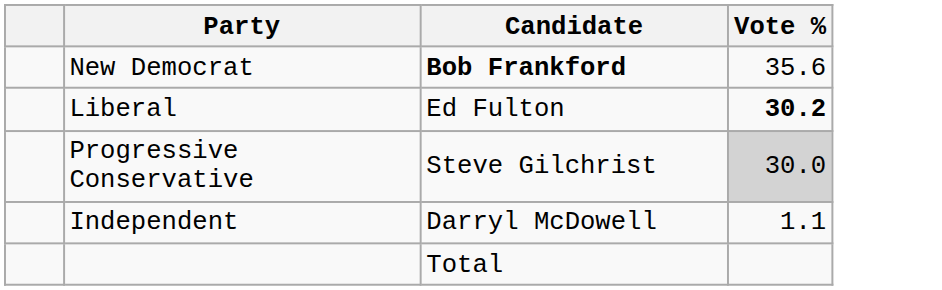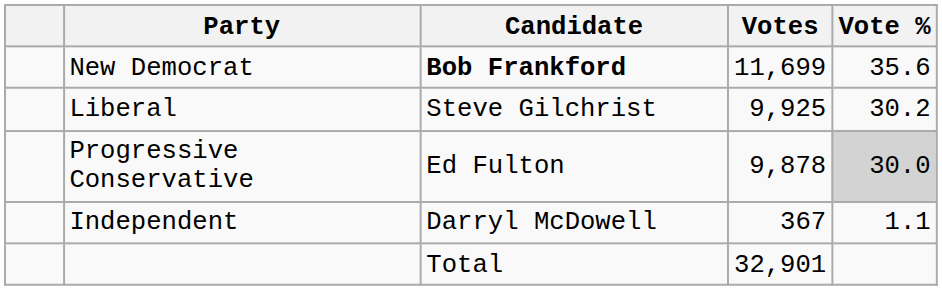 <table class="wikitable">
 <tr>
 <th></th>
 <th scope="col" width="175">Party</th>
 <th scope="col" width="150">Candidate</th>
+<th>Votes</th>
 <th>Vote %</th>
 </tr>
 <tr>
 <td>   </td>
 <td>New Democrat</td>
 <td><strong>Bob Frankford</strong></td>
+<td align=right>11,699</td>
 <td align=right>35.6</td>
 </tr>
 <tr>
 <td>   </td>
 <td>Liberal</td>
-<td>Ed Fulton</td>
-<td align=right><strong>30.2</strong></td>
+<td>Steve Gilchrist</td>
+<td align=right>9,925</td>
+<td align=right>30.2</td>
 </tr>
 <tr>
 <td>   </td>
 <td>Progressive Conservative</td>
-<td>Steve Gilchrist</td>
+<td>Ed Fulton</td>
+<td align=right>9,878</td>
 <td align=right style="background: lightgrey;">30.0<br> </td>
 </tr>
 <tr |>
 <td>   </td>
 <td>Independent</td>
 <td>Darryl McDowell</td>
+<td align=right>367</td>
 <td align=right>1.1</td>
 </tr>
 <tr |>
 <td></td>
 <td></td>
 <td>Total</td>
+<td align=right>32,901</td>
 <td></td>
 </tr>
 </table>
